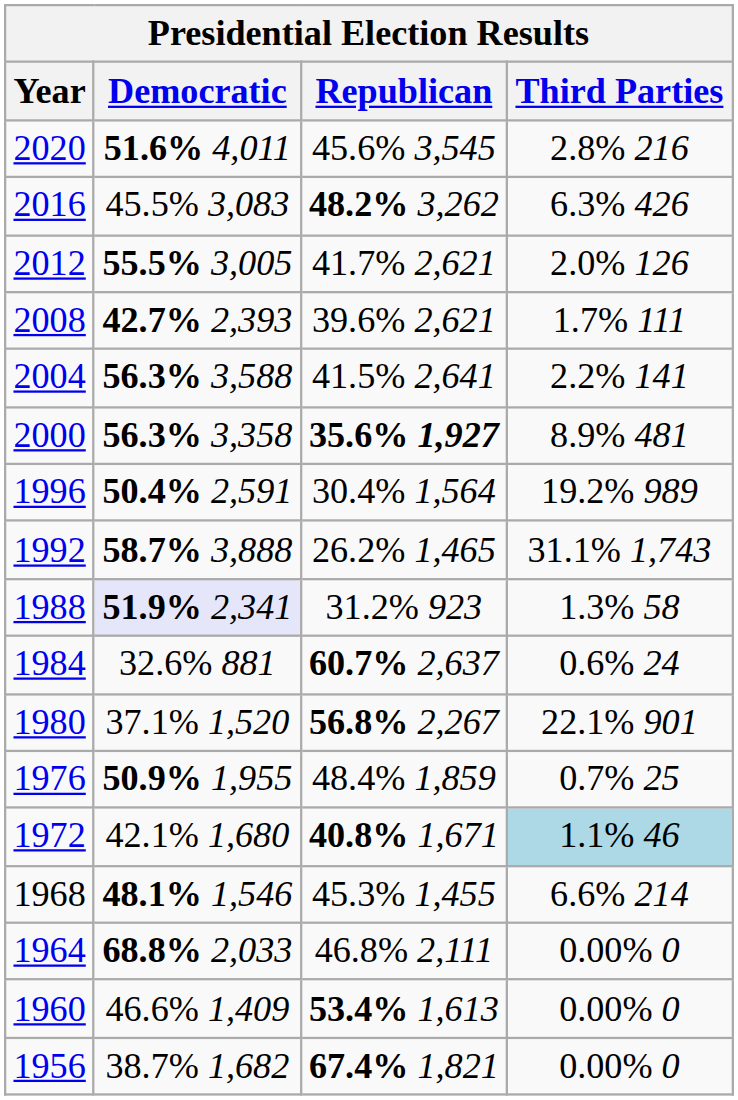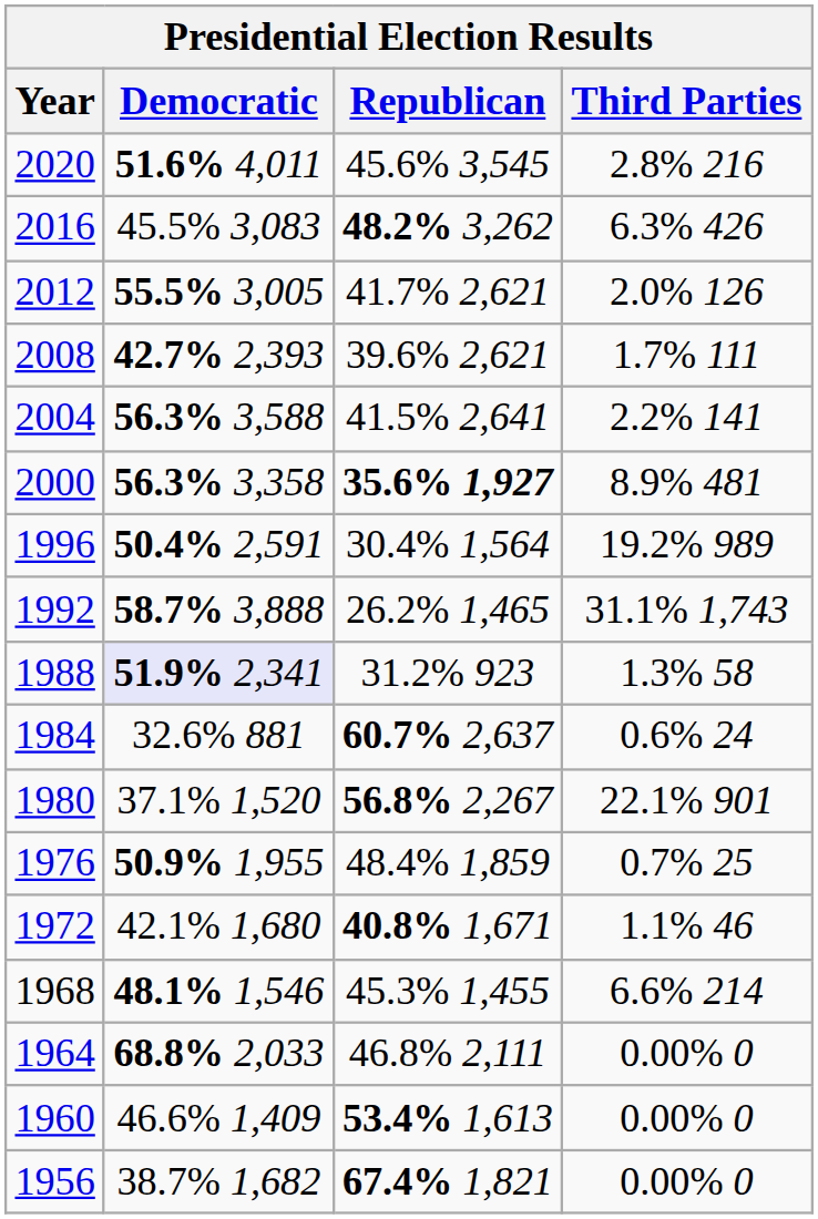 <table class="wikitable">
 <tr>
 <th colspan="4">Presidential Election Results</th>
 </tr>
 <tr>
 <th>Year</th>
 <th><a href='#'>Democratic</a></th>
 <th><a href='#'>Republican</a></th>
 <th><a href='#'>Third Parties</a></th>
 </tr>
 <tr>
 <td align="center" ><a href='#'>2020</a></td>
 <td align="center" ><strong>51.6%</strong> <em>4,011</em></td>
 <td align="center" >45.6% <em>3,545</em></td>
 <td align="center" >2.8% <em>216</em></td>
 </tr>
 <tr>
 <td align="center" ><a href='#'>2016</a></td>
 <td align="center" >45.5% <em>3,083</em></td>
 <td align="center" ><strong>48.2%</strong> <em>3,262</em></td>
 <td align="center" >6.3% <em>426</em></td>
 </tr>
 <tr>
 <td align="center" ><a href='#'>2012</a></td>
 <td align="center" ><strong>55.5%</strong> <em>3,005</em></td>
 <td align="center" >41.7% <em>2,621</em></td>
 <td align="center" >2.0% <em>126</em></td>
 </tr>
 <tr>
 <td align="center" ><a href='#'>2008</a></td>
 <td align="center" ><strong>42.7%</strong> <em>2,393</em></td>
 <td align="center" >39.6% <em>2,621</em></td>
 <td align="center" >1.7% <em>111</em></td>
 </tr>
 <tr>
 <td align="center" ><a href='#'>2004</a></td>
 <td align="center" ><strong>56.3%</strong> <em>3,588</em></td>
 <td align="center" >41.5% <em>2,641</em></td>
 <td align="center" >2.2% <em>141</em></td>
 </tr>
 <tr>
 <td align="center" ><a href='#'>2000</a></td>
 <td align="center" ><strong>56.3%</strong> <em>3,358</em></td>
 <td align="center" ><strong>35.6% <em>1,927</em></strong></td>
 <td align="center" >8.9% <em>481</em></td>
 </tr>
 <tr>
 <td align="center" ><a href='#'>1996</a></td>
 <td align="center" ><strong>50.4%</strong> <em>2,591</em></td>
 <td align="center" >30.4% <em>1,564</em></td>
 <td align="center" >19.2% <em>989</em></td>
 </tr>
 <tr>
 <td align="center" ><a href='#'>1992</a></td>
 <td align="center" ><strong>58.7%</strong> <em>3,888</em></td>
 <td align="center" >26.2% <em>1,465</em></td>
 <td align="center" >31.1% <em>1,743</em></td>
 </tr>
 <tr>
 <td align="center" ><a href='#'>1988</a></td>
 <td align="center"  style="background: lavender;"><strong>51.9%</strong> <em>2,341</em></td>
 <td align="center" >31.2% <em>923</em></td>
 <td align="center" >1.3% <em>58</em></td>
 </tr>
 <tr>
 <td align="center" ><a href='#'>1984</a></td>
 <td align="center" >32.6% <em>881</em></td>
 <td align="center" ><strong>60.7%</strong> <em>2,637</em></td>
 <td align="center" >0.6% <em>24</em></td>
 </tr>
 <tr>
 <td align="center" ><a href='#'>1980</a></td>
 <td align="center" >37.1% <em>1,520</em></td>
 <td align="center" ><strong>56.8%</strong> <em>2,267</em></td>
 <td align="center" >22.1% <em>901</em></td>
 </tr>
 <tr>
 <td align="center" ><a href='#'>1976</a></td>
 <td align="center" ><strong>50.9%</strong> <em>1,955</em></td>
 <td align="center" >48.4% <em>1,859</em></td>
 <td align="center" >0.7% <em>25</em></td>
 </tr>
 <tr>
 <td align="center" ><a href='#'>1972</a></td>
 <td align="center" >42.1% <em>1,680</em></td>
 <td align="center" ><strong>40.8%</strong> <em>1,671</em></td>
-<td align="center"  style="background: lightblue;">1.1% <em>46</em></td>
+<td align="center" >1.1% <em>46</em></td>
 </tr>
 <tr>
 <td align="center" >1968</td>
 <td align="center" ><strong>48.1%</strong> <em>1,546</em></td>
 <td align="center" >45.3% <em>1,455</em></td>
 <td align="center" >6.6% <em>214</em></td>
 </tr>
 <tr>
 <td align="center" ><a href='#'>1964</a></td>
 <td align="center" ><strong>68.8%</strong> <em>2,033</em></td>
 <td align="center" >46.8% <em>2,111</em></td>
 <td align="center" >0.00% <em>0</em></td>
 </tr>
 <tr>
 <td align="center" ><a href='#'>1960</a></td>
 <td align="center" >46.6% <em>1,409</em></td>
 <td align="center" ><strong>53.4%</strong> <em>1,613</em></td>
 <td align="center" >0.00% <em>0</em></td>
 </tr>
 <tr>
 <td align="center" ><a href='#'>1956</a></td>
 <td align="center" >38.7% <em>1,682</em></td>
 <td align="center" ><strong>67.4%</strong> <em>1,821</em></td>
 <td align="center" >0.00% <em>0</em></td>
 </tr>
 </table>
